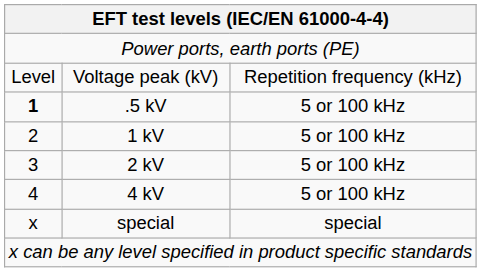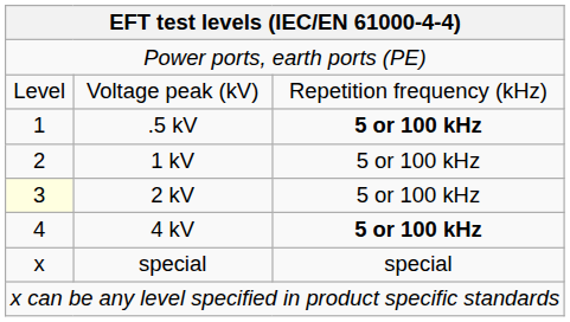 <table class="wikitable">
 <tr align=center bgcolor="#CCCCCC">
 <th colspan=10>EFT test levels (IEC/EN 61000-4-4)</th>
 </tr>
 <tr align="center">
 <td colspan="3"><em>Power ports, earth ports (PE)</em></td>
 </tr>
 <tr align="center">
 <td>Level</td>
 <td>Voltage peak (kV)</td>
 <td>Repetition frequency (kHz)</td>
 </tr>
 <tr align="center">
-<td><strong>1</strong></td>
+<td>1</td>
 <td>.5 kV</td>
-<td>5 or 100 kHz</td>
+<td><strong>5 or 100 kHz</strong></td>
 </tr>
 <tr align="center">
 <td>2</td>
 <td>1 kV</td>
 <td>5 or 100 kHz</td>
 </tr>
 <tr align="center">
-<td>3</td>
+<td style="background: lightyellow;">3</td>
 <td>2 kV</td>
 <td>5 or 100 kHz</td>
 </tr>
 <tr align="center">
 <td>4</td>
 <td>4 kV</td>
-<td>5 or 100 kHz</td>
+<td><strong>5 or 100 kHz</strong></td>
 </tr>
 <tr align="center">
 <td>x</td>
 <td>special</td>
 <td>special</td>
 </tr>
 <tr align="center">
 <td colspan="3"><em>x can be any level specified in product specific standards</em></td>
 </tr>
 </table>
